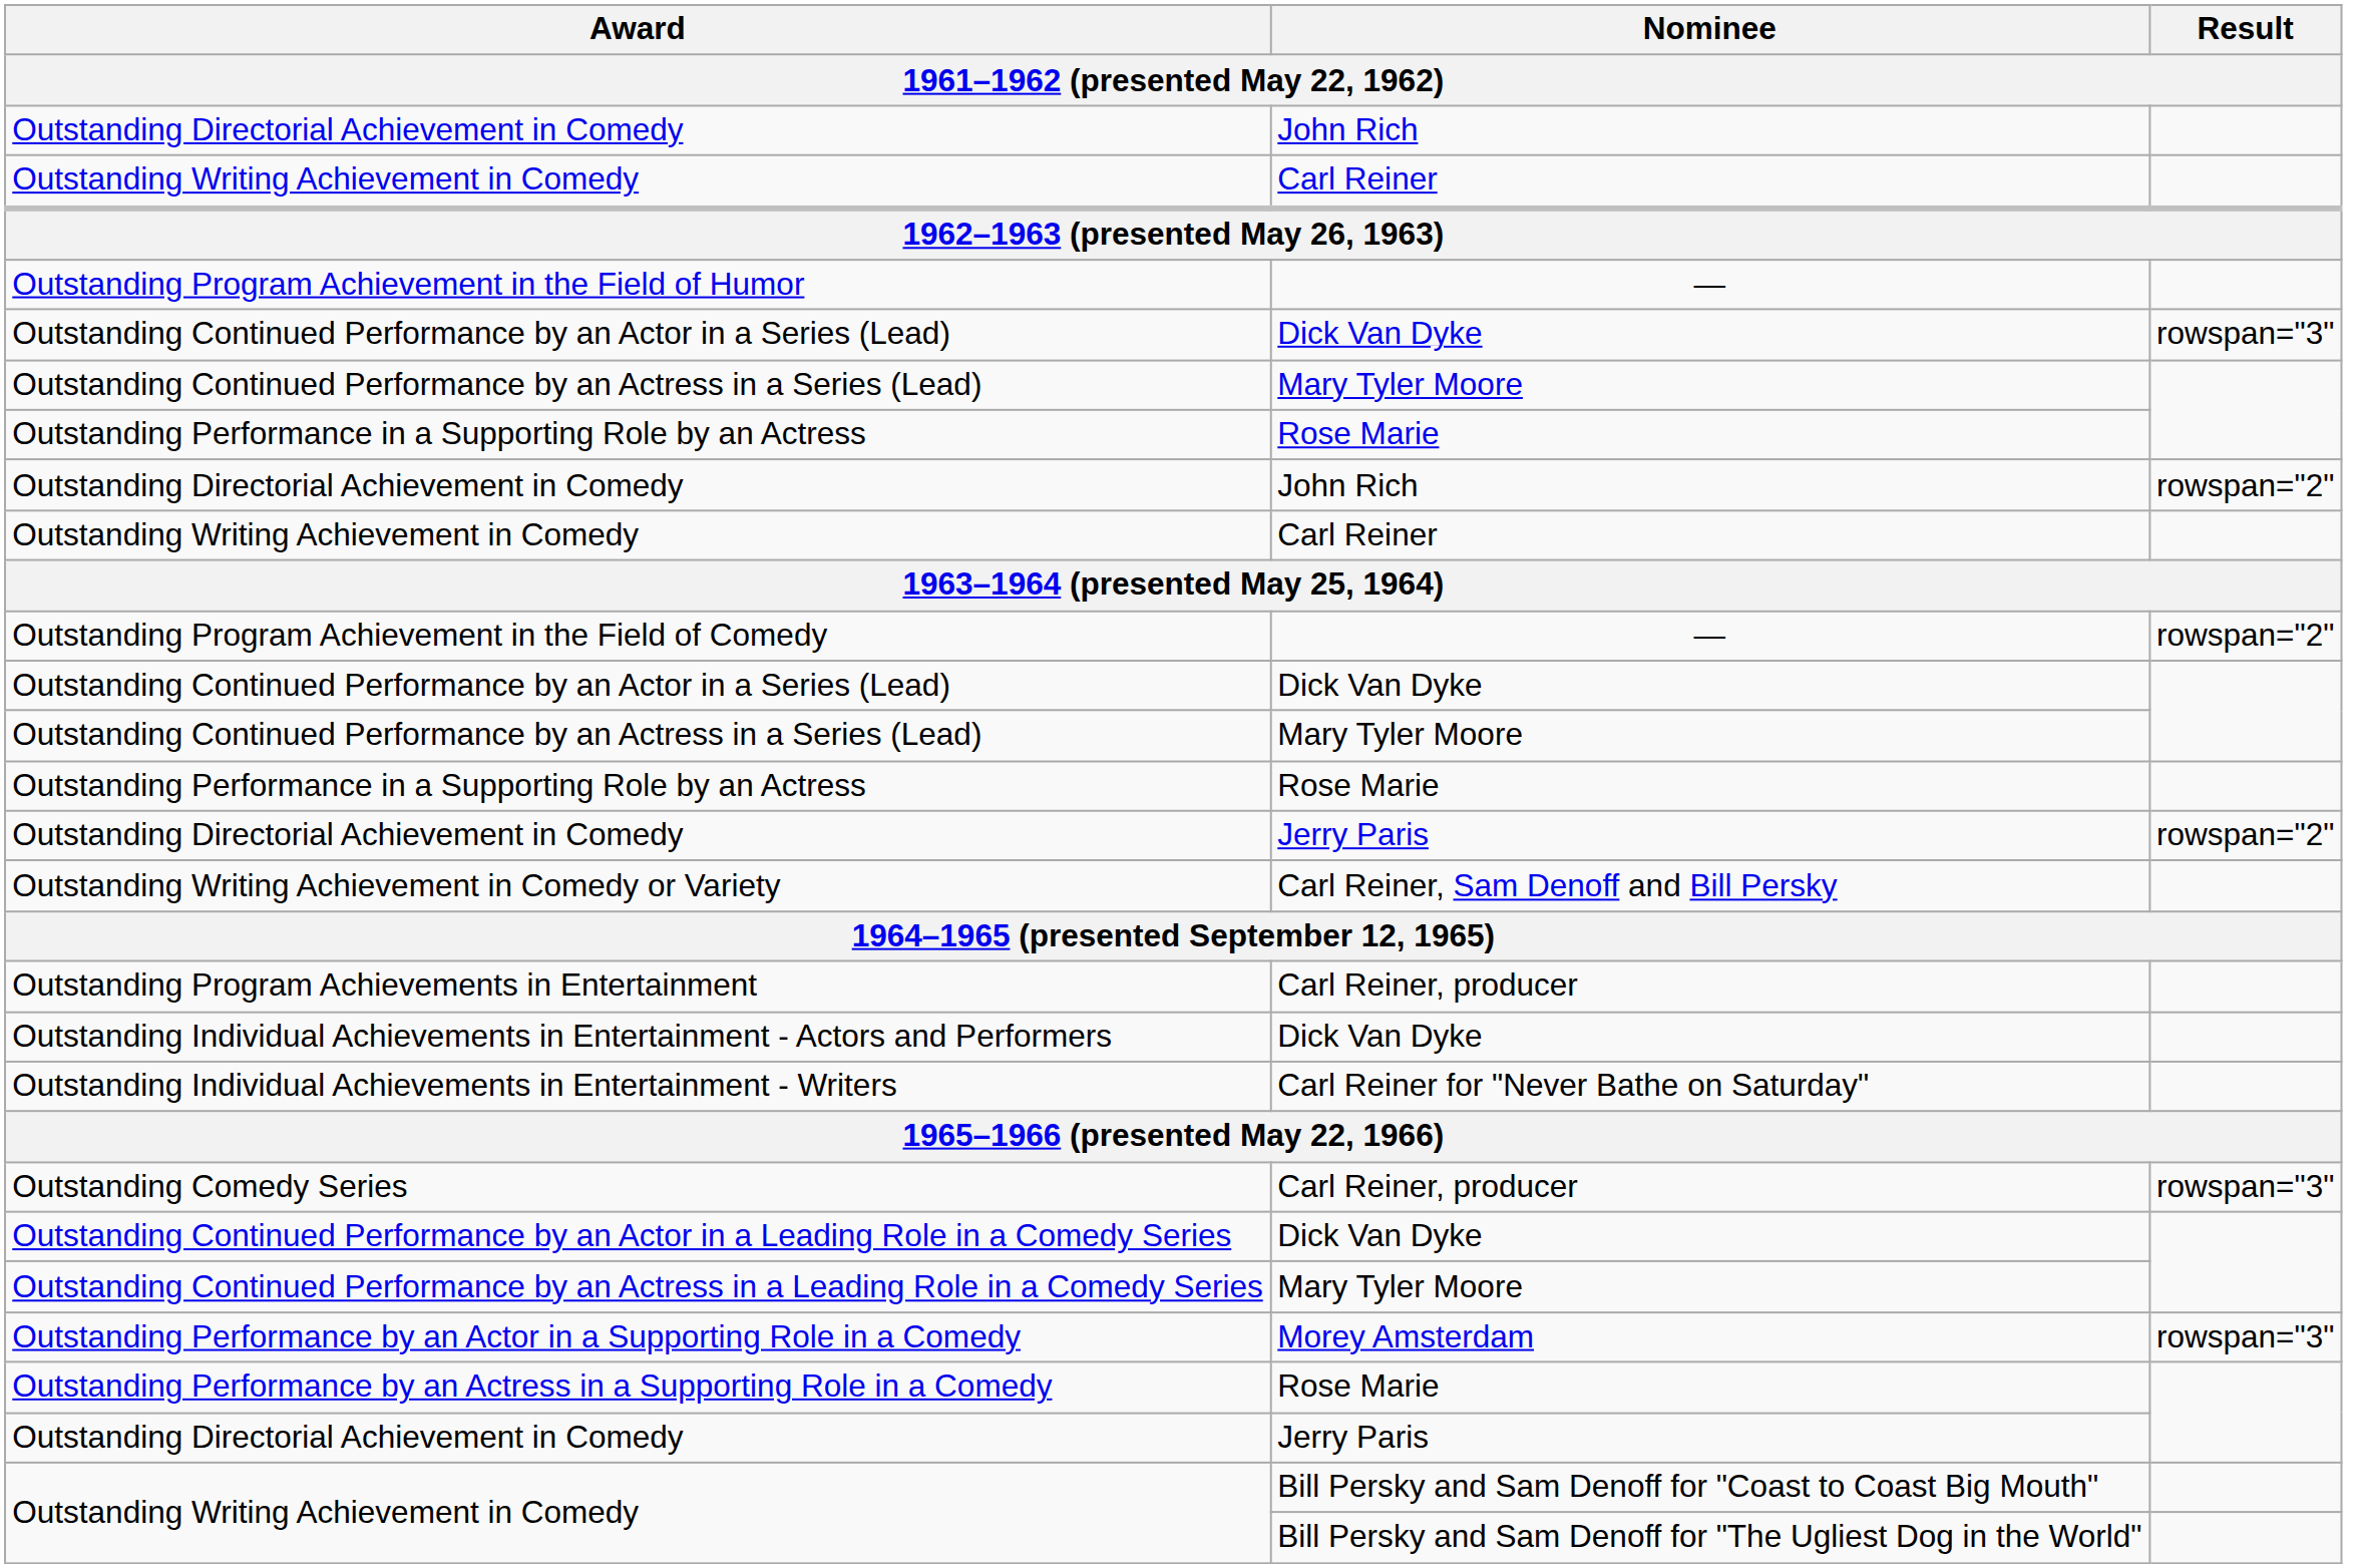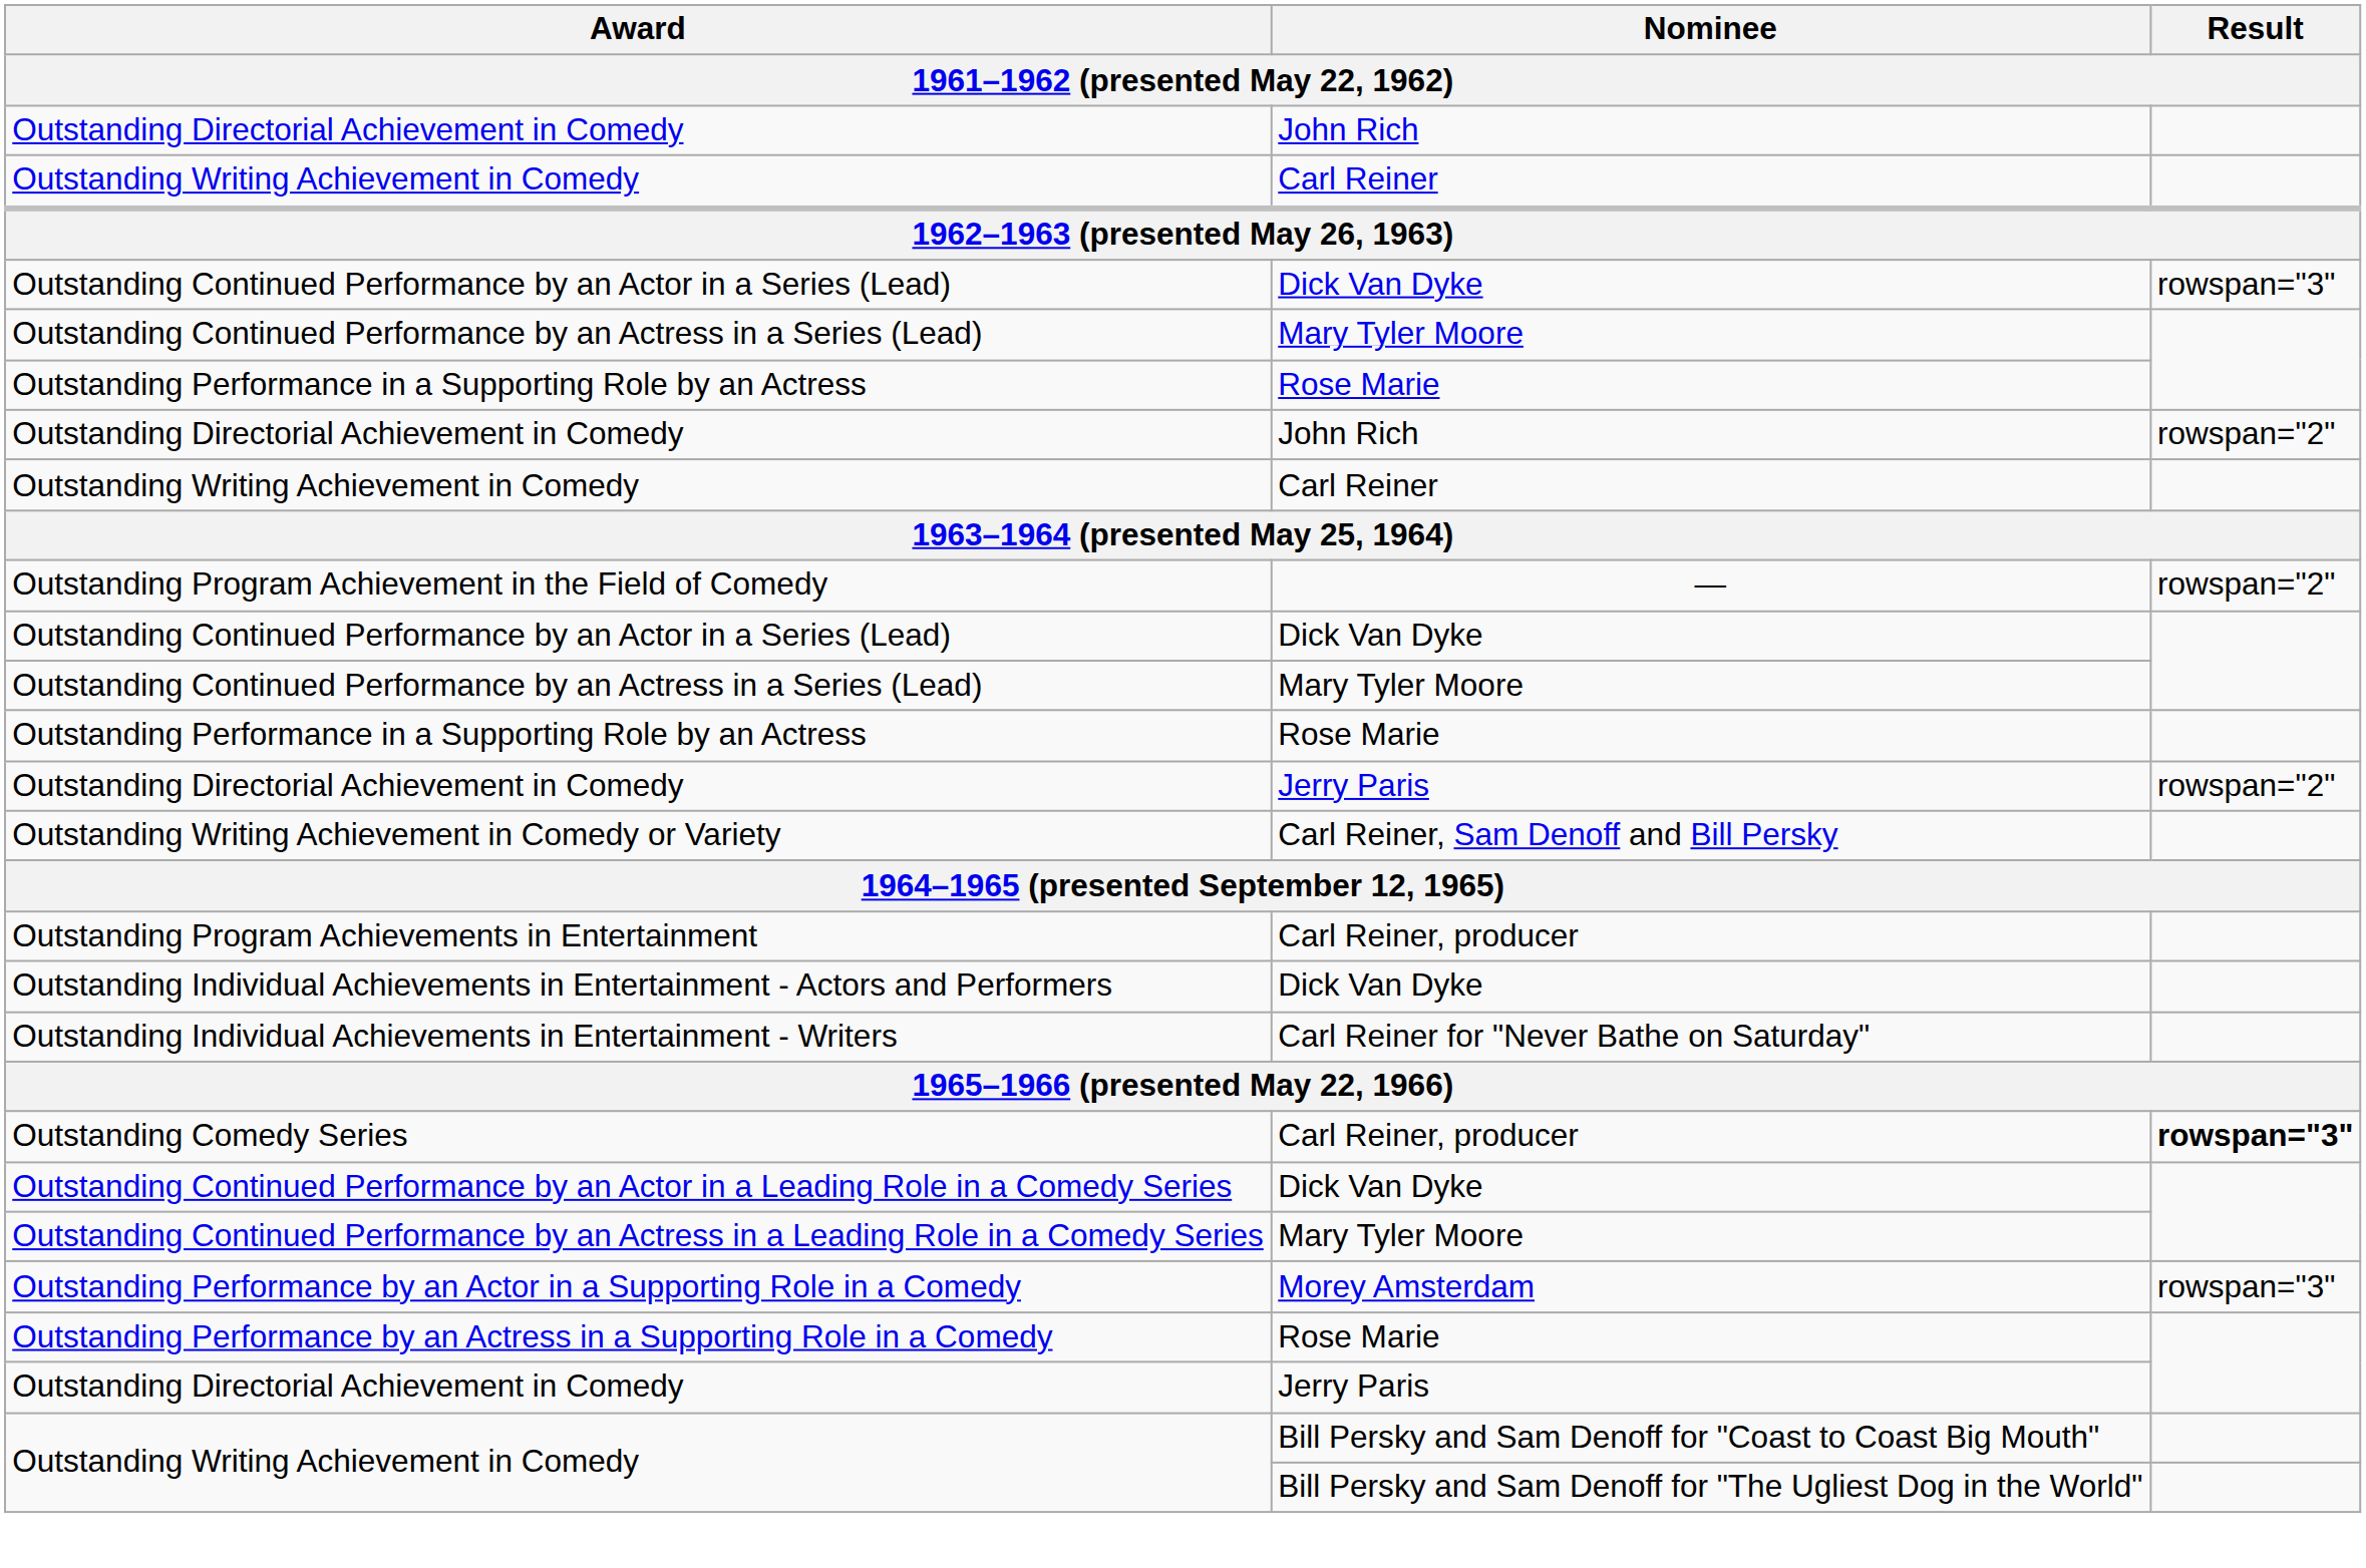 <table class=wikitable>
 <tr>
 <th>Award</th>
 <th>Nominee</th>
 <th>Result</th>
 </tr>
 <tr>
 <th colspan=3><a href='#'>1961–1962</a> (presented May 22, 1962)</th>
 </tr>
 <tr>
 <td><a href='#'>Outstanding Directorial Achievement in Comedy</a></td>
 <td><a href='#'>John Rich</a></td>
 <td></td>
 </tr>
 <tr style="border-bottom: 3px solid silver;">
 <td><a href='#'>Outstanding Writing Achievement in Comedy</a></td>
 <td><a href='#'>Carl Reiner</a></td>
 <td></td>
 </tr>
 <tr>
 <th colspan=3><a href='#'>1962–1963</a> (presented May 26, 1963)</th>
-</tr>
-<tr>
-<td><a href='#'>Outstanding Program Achievement in the Field of Humor</a></td>
-<td align=center>—</td>
-<td></td>
 </tr>
 <tr>
 <td>Outstanding Continued Performance by an Actor in a Series (Lead)</td>
 <td><a href='#'>Dick Van Dyke</a></td>
 <td>rowspan="3" </td>
 </tr>
 <tr>
 <td>Outstanding Continued Performance by an Actress in a Series (Lead)</td>
 <td><a href='#'>Mary Tyler Moore</a></td>
 </tr>
 <tr>
 <td>Outstanding Performance in a Supporting Role by an Actress</td>
 <td><a href='#'>Rose Marie</a></td>
 </tr>
 <tr>
 <td>Outstanding Directorial Achievement in Comedy</td>
 <td>John Rich</td>
 <td>rowspan="2" </td>
 </tr>
 <tr>
 <td>Outstanding Writing Achievement in Comedy</td>
 <td>Carl Reiner</td>
 </tr>
 <tr>
 <th colspan=3><a href='#'>1963–1964</a> (presented May 25, 1964)</th>
 </tr>
 <tr>
 <td>Outstanding Program Achievement in the Field of Comedy</td>
 <td align=center>—</td>
 <td>rowspan="2" </td>
 </tr>
 <tr>
 <td>Outstanding Continued Performance by an Actor in a Series (Lead)</td>
 <td>Dick Van Dyke</td>
 </tr>
 <tr>
 <td>Outstanding Continued Performance by an Actress in a Series (Lead)</td>
 <td>Mary Tyler Moore</td>
 </tr>
 <tr>
 <td>Outstanding Performance in a Supporting Role by an Actress</td>
 <td>Rose Marie</td>
 <td></td>
 </tr>
 <tr>
 <td>Outstanding Directorial Achievement in Comedy</td>
 <td><a href='#'>Jerry Paris</a></td>
 <td>rowspan="2" </td>
 </tr>
 <tr>
 <td>Outstanding Writing Achievement in Comedy or Variety</td>
 <td>Carl Reiner, <a href='#'>Sam Denoff</a> and <a href='#'>Bill Persky</a></td>
 </tr>
 <tr>
 <th colspan=3><a href='#'>1964–1965</a> (presented September 12, 1965)</th>
 </tr>
 <tr>
 <td>Outstanding Program Achievements in Entertainment</td>
 <td>Carl Reiner, producer</td>
 <td></td>
 </tr>
 <tr>
 <td>Outstanding Individual Achievements in Entertainment - Actors and Performers</td>
 <td>Dick Van Dyke</td>
 <td></td>
 </tr>
 <tr>
 <td>Outstanding Individual Achievements in Entertainment - Writers</td>
 <td>Carl Reiner for "Never Bathe on Saturday"</td>
 <td></td>
 </tr>
 <tr>
 <th colspan=3><a href='#'>1965–1966</a> (presented May 22, 1966)</th>
 </tr>
 <tr>
 <td>Outstanding Comedy Series</td>
 <td>Carl Reiner, producer</td>
-<td>rowspan="3" </td>
+<td><strong>rowspan="3" </strong></td>
 </tr>
 <tr>
 <td><a href='#'>Outstanding Continued Performance by an Actor in a Leading Role in a Comedy Series</a></td>
 <td>Dick Van Dyke</td>
 </tr>
 <tr>
 <td><a href='#'>Outstanding Continued Performance by an Actress in a Leading Role in a Comedy Series</a></td>
 <td>Mary Tyler Moore</td>
 </tr>
 <tr>
 <td><a href='#'>Outstanding Performance by an Actor in a Supporting Role in a Comedy</a></td>
 <td><a href='#'>Morey Amsterdam</a></td>
 <td>rowspan="3" </td>
 </tr>
 <tr>
 <td><a href='#'>Outstanding Performance by an Actress in a Supporting Role in a Comedy</a></td>
 <td>Rose Marie</td>
 </tr>
 <tr>
 <td>Outstanding Directorial Achievement in Comedy</td>
 <td>Jerry Paris</td>
 </tr>
 <tr>
 <td rowspan=2>Outstanding Writing Achievement in Comedy</td>
 <td>Bill Persky and Sam Denoff for "Coast to Coast Big Mouth"</td>
 <td></td>
 </tr>
 <tr>
 <td>Bill Persky and Sam Denoff for "The Ugliest Dog in the World"</td>
 <td></td>
 </tr>
 </table>
